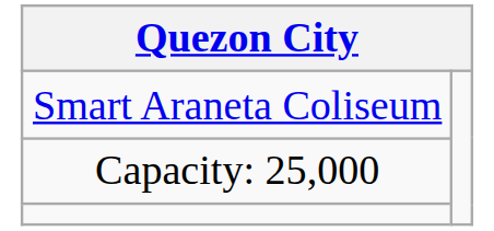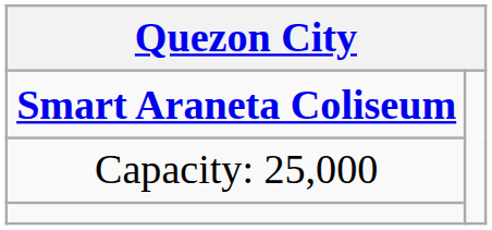 <table class="wikitable" style="text-align:center; margin:1em auto;">
 <tr>
 <th colspan=2><a href='#'>Quezon City</a></th>
 </tr>
 <tr>
-<td><a href='#'>Smart Araneta Coliseum</a></td>
+<td><strong><a href='#'>Smart Araneta Coliseum</a></strong></td>
 <td rowspan=3></td>
 </tr>
 <tr>
 <td>Capacity: 25,000</td>
 </tr>
 <tr>
 <td></td>
 </tr>
 </table>
